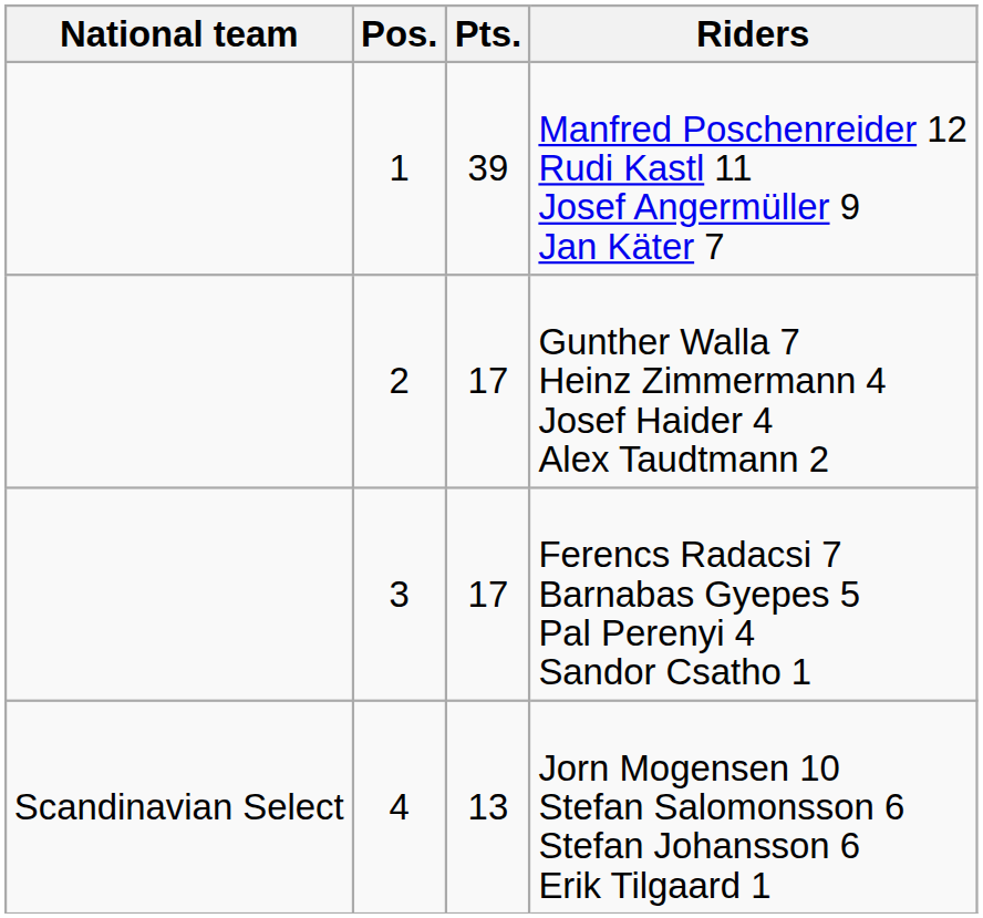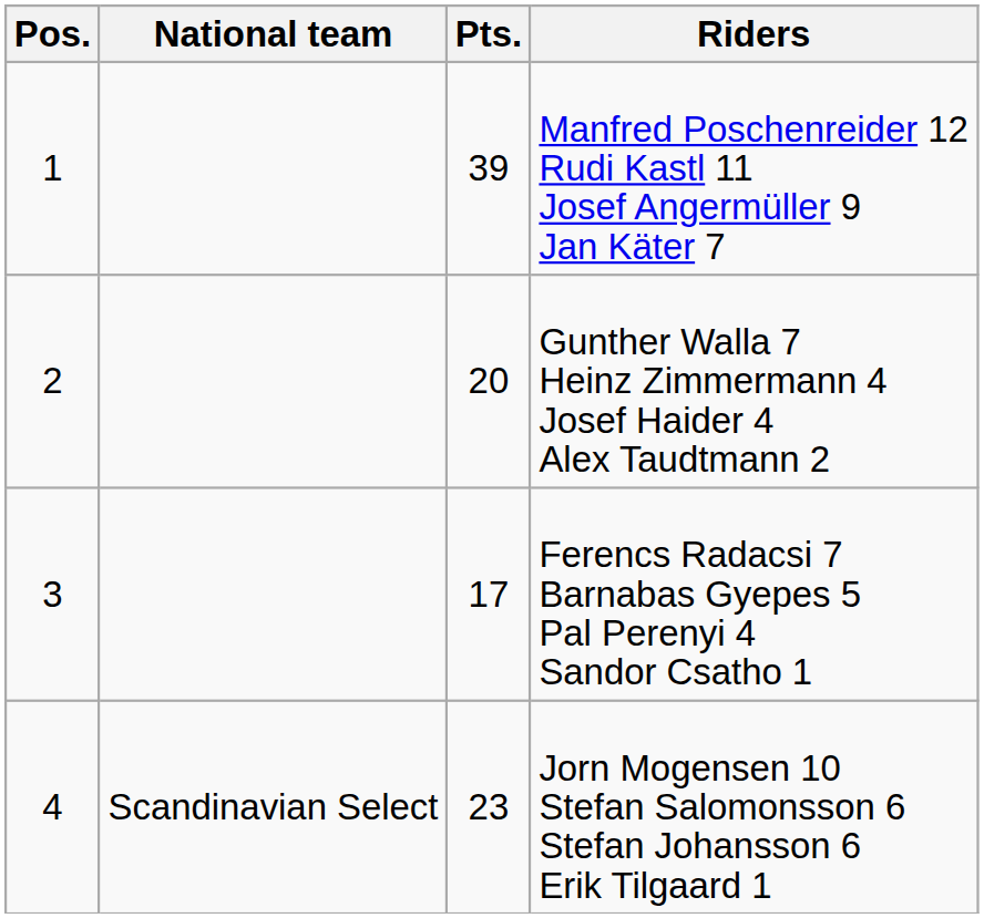 <table class=wikitable style="font-size:93%;">
 <tr>
+<th>Pos.</th>
 <th>National team</th>
-<th>Pos.</th>
 <th>Pts.</th>
 <th>Riders</th>
 </tr>
 <tr align=center >
+<td>1</td>
 <td align=left></td>
-<td>1</td>
 <td>39</td>
 <td align=left><br><a href='#'>Manfred Poschenreider</a> 12<br> <a href='#'>Rudi Kastl</a> 11<br> <a href='#'>Josef Angermüller</a> 9<br> <a href='#'>Jan Käter</a> 7</td>
 </tr>
 <tr align=center >
+<td>2</td>
 <td align=left></td>
-<td>2</td>
-<td>17</td>
+<td>20</td>
 <td align=left><br>Gunther Walla 7<br> Heinz Zimmermann 4<br> Josef Haider 4<br> Alex Taudtmann 2</td>
 </tr>
 <tr align=center>
+<td>3</td>
 <td align=left></td>
-<td>3</td>
 <td>17</td>
 <td align=left><br>Ferencs Radacsi 7<br> Barnabas Gyepes 5<br> Pal Perenyi 4<br> Sandor Csatho 1</td>
 </tr>
 <tr align=center>
+<td>4</td>
 <td align=left>Scandinavian Select</td>
-<td>4</td>
-<td>13</td>
+<td>23</td>
 <td align=left><br>Jorn Mogensen 10<br> Stefan Salomonsson 6<br> Stefan Johansson 6<br> Erik Tilgaard 1</td>
 </tr>
 </table>
